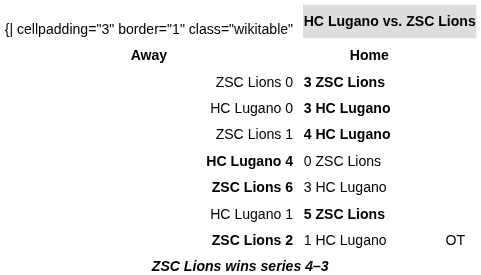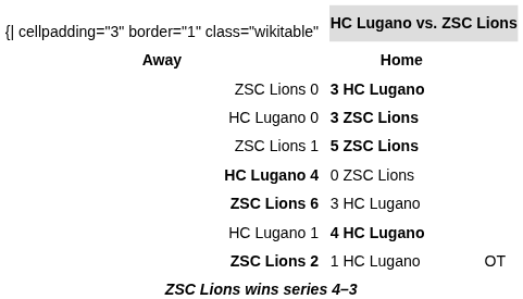 <table cellspacing="10">
 <tr>
 <td valign="top"><br>	{| cellpadding="3" border="1"  class="wikitable"</td>
 <th bgcolor="#DDDDDD" colspan="4">HC Lugano vs. ZSC Lions</th>
 </tr>
 <tr>
 <th>Away</th>
 <th>Home</th>
 <th></th>
 </tr>
 <tr>
 <td align = "right">ZSC Lions 0</td>
+<td><strong>3 HC Lugano</strong></td>
+<td> </td>
+</tr>
+<tr>
+<td align = "right">HC Lugano 0</td>
 <td><strong>3 ZSC Lions</strong></td>
 <td> </td>
 </tr>
 <tr>
-<td align = "right">HC Lugano 0</td>
-<td><strong>3 HC Lugano</strong></td>
-<td> </td>
-</tr>
-<tr>
 <td align = "right">ZSC Lions 1</td>
-<td><strong>4 HC Lugano</strong></td>
+<td><strong>5 ZSC Lions</strong></td>
 <td> </td>
 </tr>
 <tr>
 <td align = "right"><strong>HC Lugano 4</strong></td>
 <td>0 ZSC Lions</td>
 <td> </td>
 </tr>
 <tr>
 <td align = "right"><strong>ZSC Lions 6</strong></td>
 <td>3 HC Lugano</td>
 <td> </td>
 </tr>
 <tr>
 <td align = "right">HC Lugano 1</td>
-<td><strong>5 ZSC Lions</strong></td>
+<td><strong>4 HC Lugano</strong></td>
 <td> </td>
 </tr>
 <tr>
 <td align = "right"><strong>ZSC Lions 2</strong></td>
 <td>1 HC Lugano</td>
 <td>OT</td>
 </tr>
 <tr align="center">
 <td colspan="4"><strong><em>ZSC Lions wins series 4–3</em></strong></td>
 </tr>
 </table>
